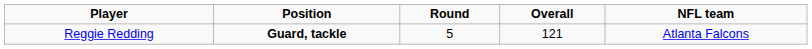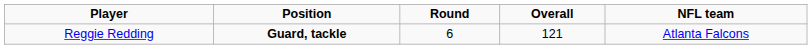 <table class="wikitable" width="65%">
 <tr align="center">
 <td><strong>Player</strong></td>
 <td><strong>Position</strong></td>
 <td><strong>Round</strong></td>
 <td><strong>Overall</strong></td>
 <td><strong>NFL team</strong></td>
 </tr>
 <tr align="center" bgcolor="">
 <td><a href='#'>Reggie Redding</a></td>
 <td><strong>Guard, tackle</strong></td>
-<td>5</td>
+<td>6</td>
 <td>121</td>
 <td><a href='#'>Atlanta Falcons</a></td>
 </tr>
 </table>
